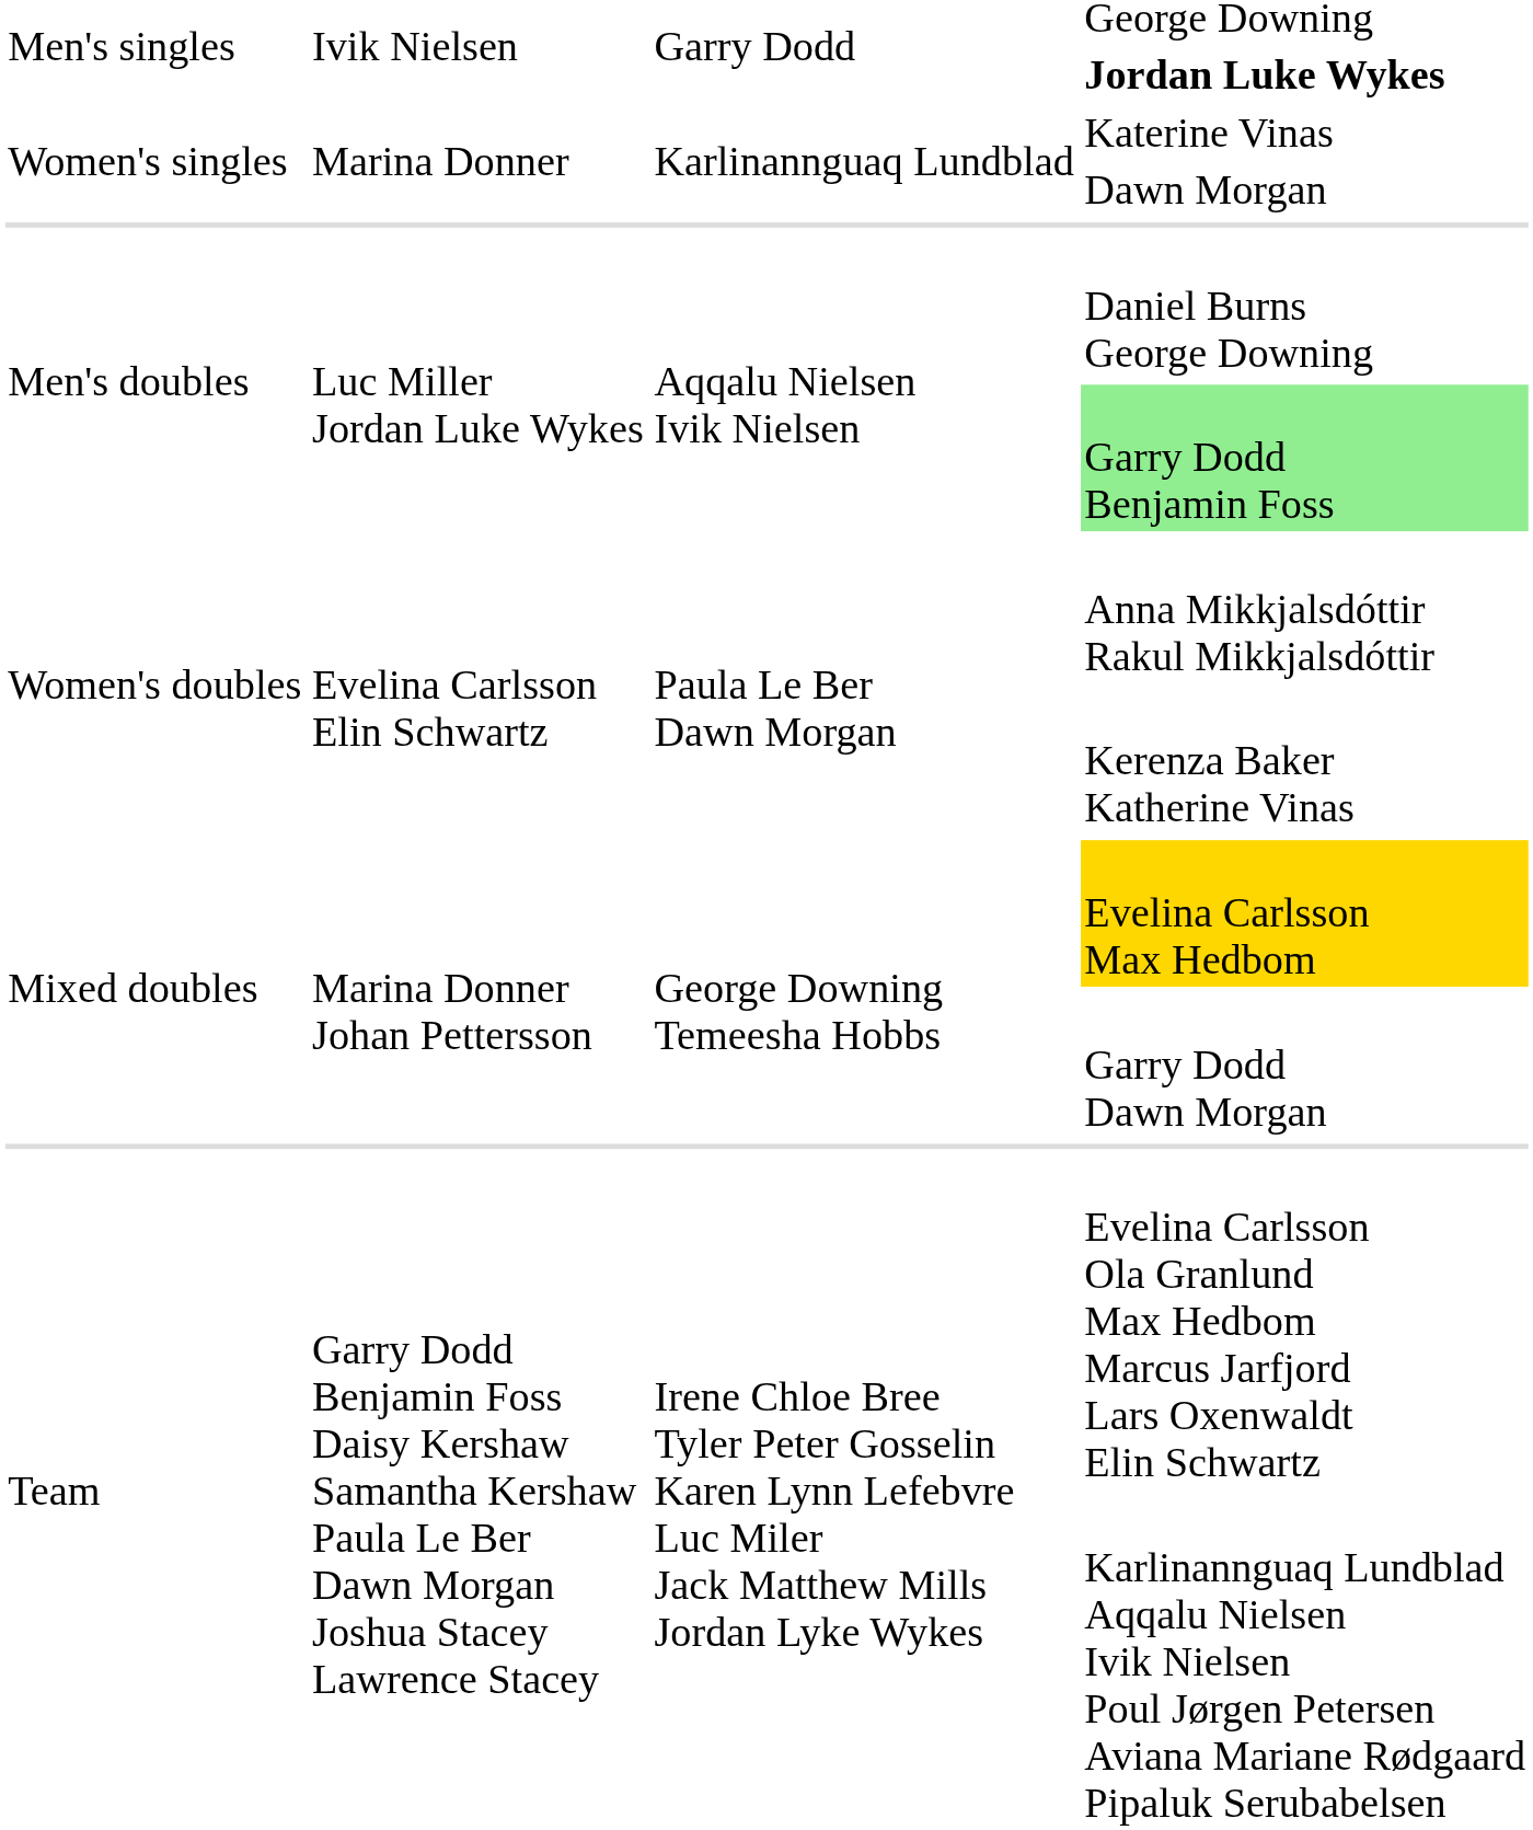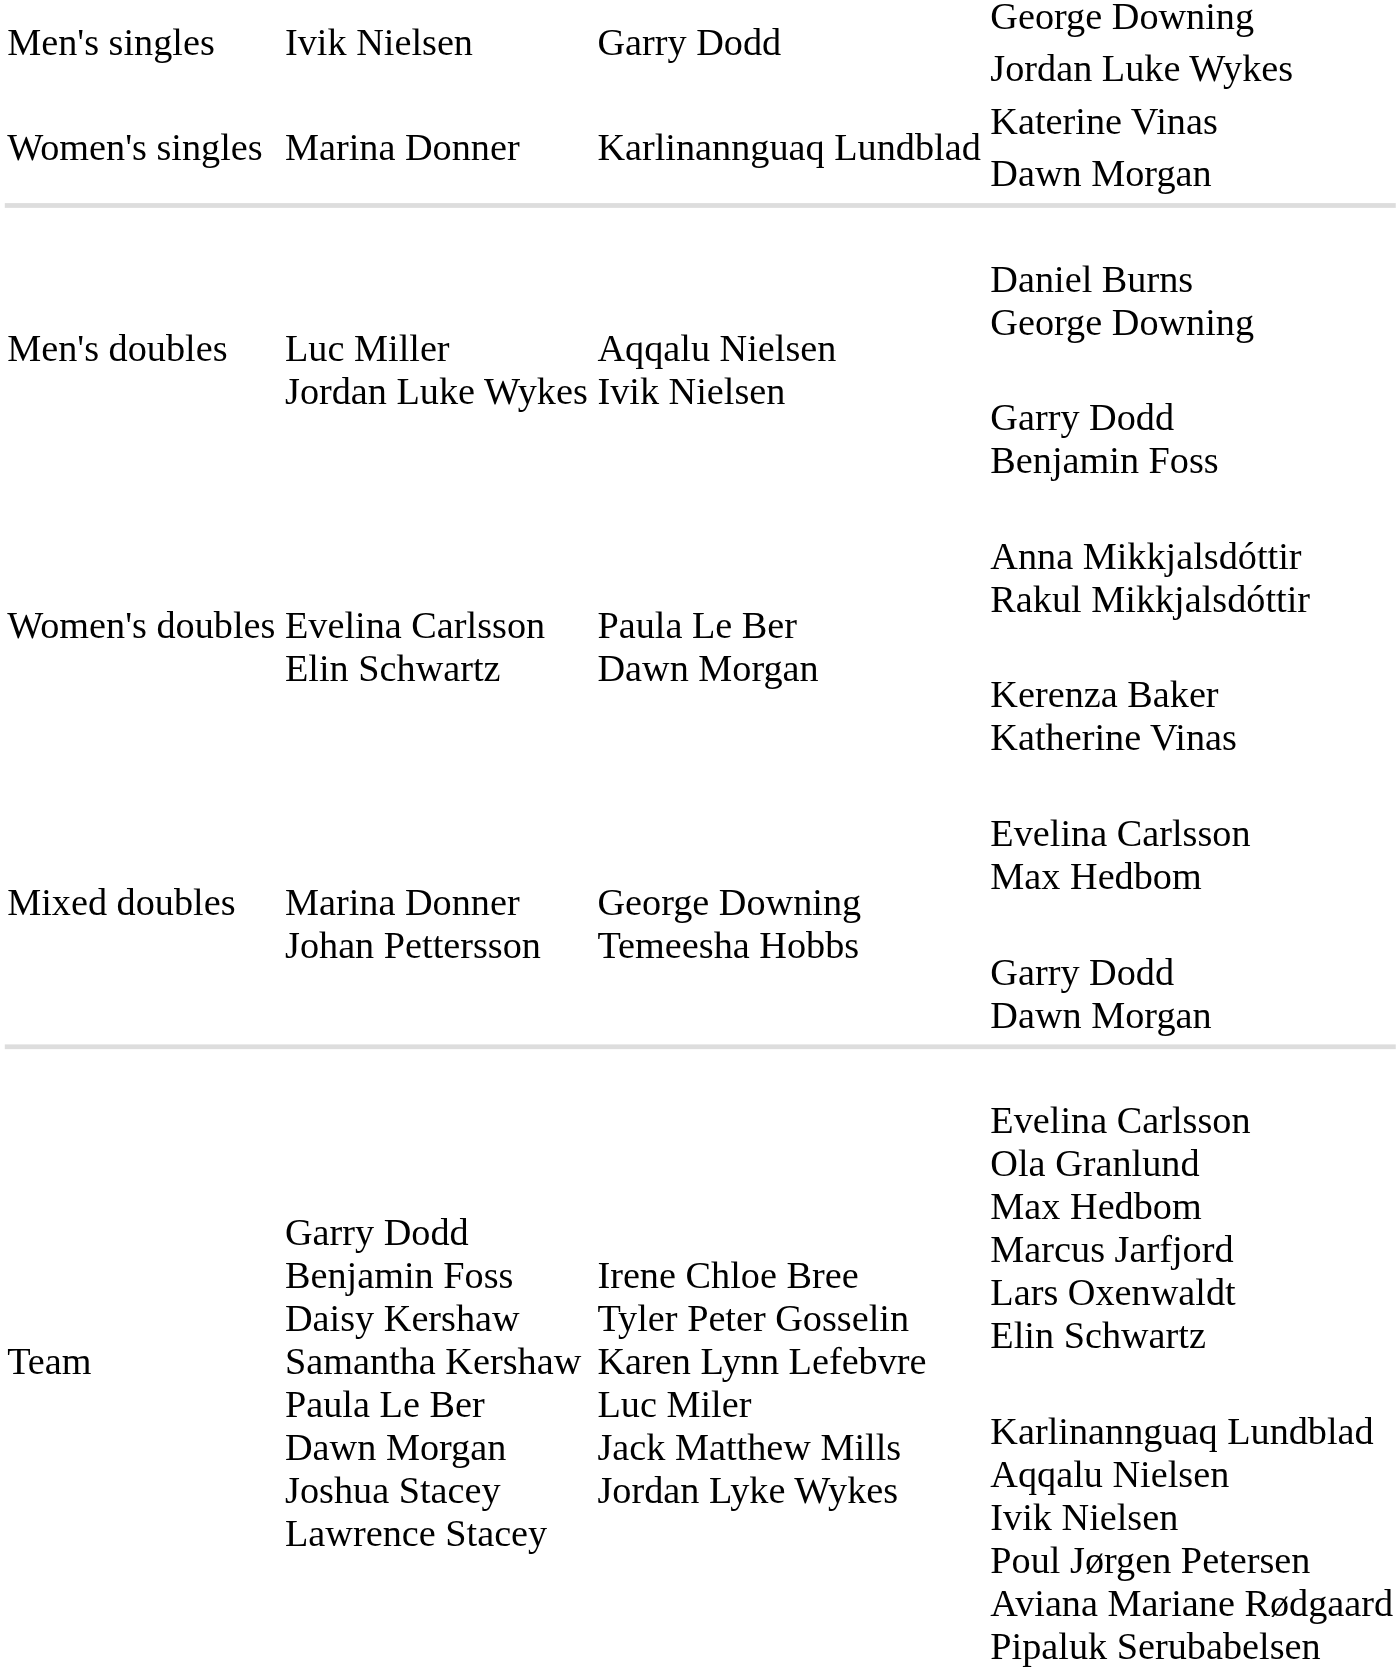 <table>
 <tr>
 <td Rowspan=2>Men's singles</td>
 <td Rowspan=2>Ivik Nielsen<br></td>
 <td Rowspan=2>Garry Dodd<br></td>
 <td>George Downing<br></td>
 </tr>
 <tr>
-<td><strong>Jordan Luke Wykes<br></strong></td>
+<td>Jordan Luke Wykes<br></td>
 </tr>
 <tr>
 <td Rowspan=2>Women's singles</td>
 <td Rowspan=2>Marina Donner<br></td>
 <td Rowspan=2 nowrap>Karlinannguaq Lundblad<br></td>
 <td>Katerine Vinas<br></td>
 </tr>
 <tr>
 <td>Dawn Morgan<br></td>
 </tr>
 <tr bgcolor=#dddddd>
 <td colspan=5></td>
 </tr>
 <tr>
 <td Rowspan=2>Men's doubles</td>
 <td Rowspan=2><br>Luc Miller<br>Jordan Luke Wykes</td>
 <td Rowspan=2><br>Aqqalu Nielsen<br>Ivik Nielsen</td>
 <td><br>Daniel Burns<br>George Downing</td>
 </tr>
 <tr>
-<td style="background: lightgreen;"><br>Garry Dodd<br>Benjamin Foss</td>
+<td><br>Garry Dodd<br>Benjamin Foss</td>
 </tr>
 <tr>
 <td Rowspan=2>Women's doubles</td>
 <td Rowspan=2><br>Evelina Carlsson<br>Elin Schwartz</td>
 <td Rowspan=2><br>Paula Le Ber<br>Dawn Morgan</td>
 <td><br>Anna Mikkjalsdóttir<br>Rakul Mikkjalsdóttir</td>
 </tr>
 <tr>
 <td><br>Kerenza Baker<br>Katherine Vinas</td>
 </tr>
 <tr>
 <td Rowspan=2>Mixed doubles</td>
 <td Rowspan=2><br>Marina Donner<br>Johan Pettersson</td>
 <td Rowspan=2><br>George Downing<br>Temeesha Hobbs</td>
-<td style="background: gold;"><br>Evelina Carlsson<br>Max Hedbom</td>
+<td><br>Evelina Carlsson<br>Max Hedbom</td>
 </tr>
 <tr>
 <td><br>Garry Dodd<br>Dawn Morgan</td>
 </tr>
 <tr bgcolor=#dddddd>
 <td colspan=5></td>
 </tr>
 <tr>
 <td Rowspan=2>Team</td>
 <td Rowspan=2 nowrap><br>Garry Dodd<br>Benjamin Foss<br>Daisy Kershaw<br>Samantha Kershaw<br>Paula Le Ber<br>Dawn Morgan<br>Joshua Stacey<br>Lawrence Stacey</td>
 <td Rowspan=2><br>Irene Chloe Bree<br>Tyler Peter Gosselin<br>Karen Lynn Lefebvre<br>Luc Miler<br>Jack Matthew Mills<br>Jordan Lyke Wykes</td>
 <td><br>Evelina Carlsson<br>Ola Granlund<br>Max Hedbom<br>Marcus Jarfjord<br>Lars Oxenwaldt<br>Elin Schwartz</td>
 </tr>
 <tr>
 <td nowrap><br>Karlinannguaq Lundblad<br>Aqqalu Nielsen<br>Ivik Nielsen<br>Poul Jørgen Petersen<br>Aviana Mariane Rødgaard<br>Pipaluk Serubabelsen</td>
 </tr>
 <tr>
 </tr>
 </table>
